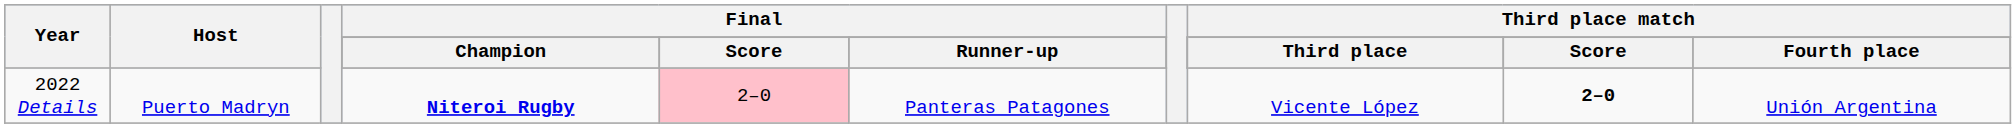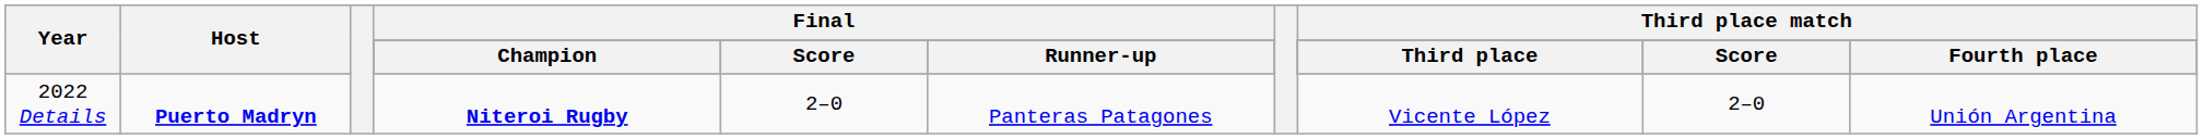 <table class="wikitable" style="font-size:90%; width: 98%; text-align: center;">
 <tr bgcolor=#C1D8FF>
 <th rowspan=2 width=5%>Year</th>
 <th rowspan=2 width=10%>Host</th>
 <th width=1% rowspan=100 bgcolor=ffffff></th>
 <th colspan=3>Final</th>
 <th width=1% rowspan=100 bgcolor=ffffff></th>
 <th colspan=3>Third place match</th>
 </tr>
 <tr bgcolor=FEF>
 <th width=15%>Champion</th>
 <th width=9%>Score</th>
 <th width=15%>Runner-up</th>
 <th width=15%>Third place</th>
 <th width=9%>Score</th>
 <th width=15%>Fourth place</th>
 </tr>
 <tr>
 <td>2022<br><em><a href='#'>Details</a></em></td>
-<td><br><a href='#'>Puerto Madryn</a></td>
+<td><strong><br><a href='#'>Puerto Madryn</a></strong></td>
 <td><strong><br> <a href='#'>Niteroi Rugby</a></strong></td>
-<td style="background: pink;">2–0</td>
+<td>2–0</td>
 <td><br> <a href='#'>Panteras Patagones</a></td>
 <td><br> <a href='#'>Vicente López</a></td>
-<td><strong>2–0</strong></td>
+<td>2–0</td>
 <td><br> <a href='#'>Unión Argentina</a></td>
 </tr>
 </table>
